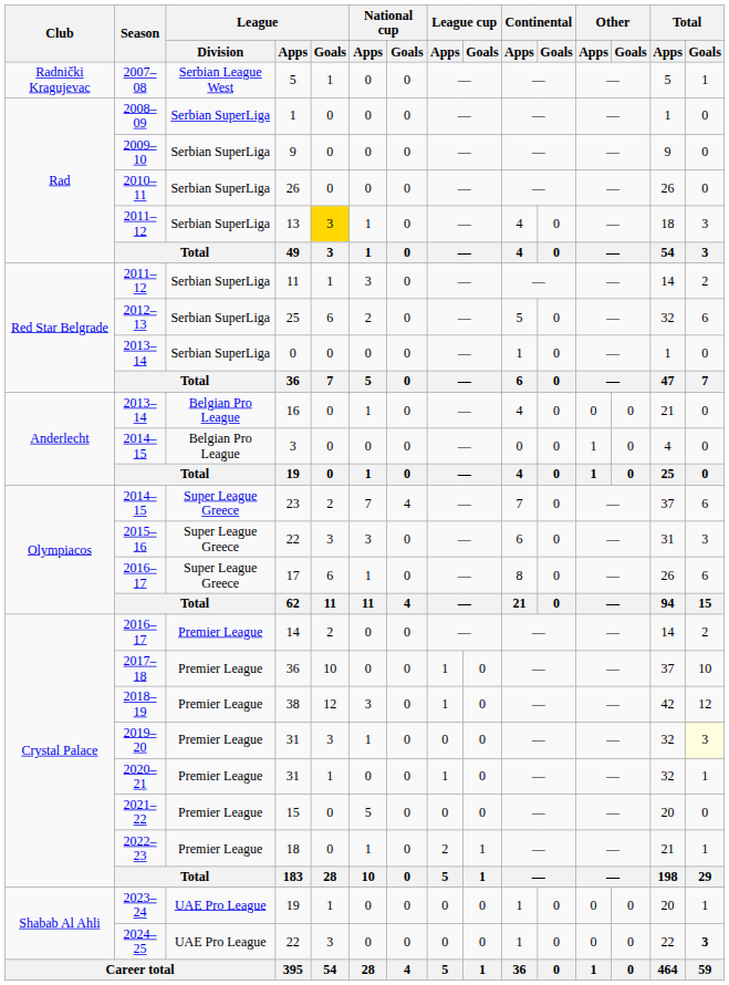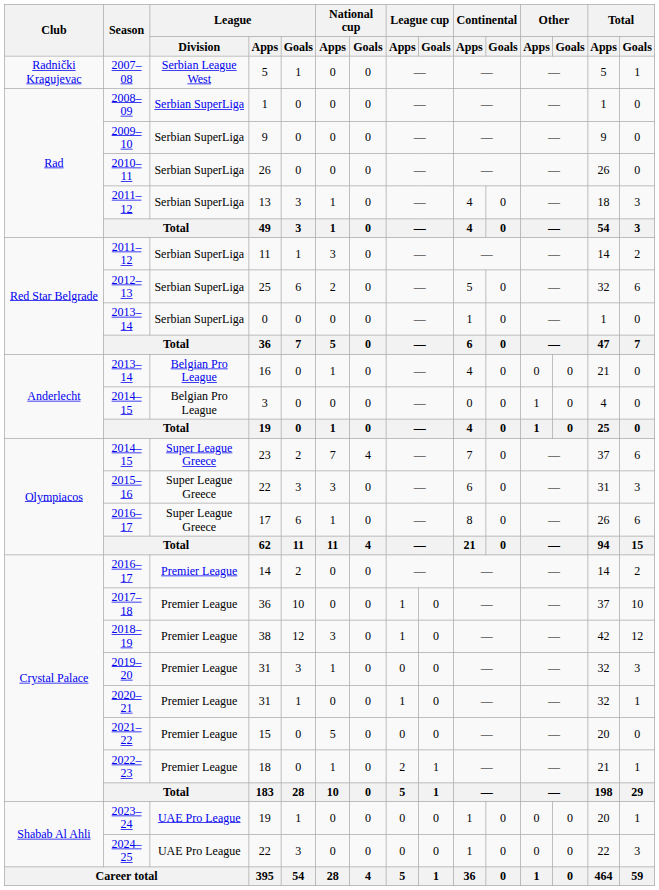 <table class="wikitable" style="text-align:center">
 <tr>
 <th rowspan="2">Club</th>
 <th rowspan="2">Season</th>
 <th colspan="3">League</th>
 <th colspan="2">National cup</th>
 <th colspan="2">League cup</th>
 <th colspan="2">Continental</th>
 <th colspan="2">Other</th>
 <th colspan="2">Total</th>
 </tr>
 <tr>
 <th>Division</th>
 <th>Apps</th>
 <th>Goals</th>
 <th>Apps</th>
 <th>Goals</th>
 <th>Apps</th>
 <th>Goals</th>
 <th>Apps</th>
 <th>Goals</th>
 <th>Apps</th>
 <th>Goals</th>
 <th>Apps</th>
 <th>Goals</th>
 </tr>
 <tr>
 <td><a href='#'>Radnički Kragujevac</a></td>
 <td><a href='#'>2007–08</a></td>
 <td><a href='#'>Serbian League West</a></td>
 <td>5</td>
 <td>1</td>
 <td>0</td>
 <td>0</td>
 <td colspan="2">—</td>
 <td colspan="2">—</td>
 <td colspan="2">—</td>
 <td>5</td>
 <td>1</td>
 </tr>
 <tr>
 <td rowspan="5"><a href='#'>Rad</a></td>
 <td><a href='#'>2008–09</a></td>
 <td><a href='#'>Serbian SuperLiga</a></td>
 <td>1</td>
 <td>0</td>
 <td>0</td>
 <td>0</td>
 <td colspan="2">—</td>
 <td colspan="2">—</td>
 <td colspan="2">—</td>
 <td>1</td>
 <td>0</td>
 </tr>
 <tr>
 <td><a href='#'>2009–10</a></td>
 <td>Serbian SuperLiga</td>
 <td>9</td>
 <td>0</td>
 <td>0</td>
 <td>0</td>
 <td colspan="2">—</td>
 <td colspan="2">—</td>
 <td colspan="2">—</td>
 <td>9</td>
 <td>0</td>
 </tr>
 <tr>
 <td><a href='#'>2010–11</a></td>
 <td>Serbian SuperLiga</td>
 <td>26</td>
 <td>0</td>
 <td>0</td>
 <td>0</td>
 <td colspan="2">—</td>
 <td colspan="2">—</td>
 <td colspan="2">—</td>
 <td>26</td>
 <td>0</td>
 </tr>
 <tr>
 <td><a href='#'>2011–12</a></td>
 <td>Serbian SuperLiga</td>
 <td>13</td>
-<td style="background: gold;">3</td>
+<td>3</td>
 <td>1</td>
 <td>0</td>
 <td colspan="2">—</td>
 <td>4</td>
 <td>0</td>
 <td colspan="2">—</td>
 <td>18</td>
 <td>3</td>
 </tr>
 <tr>
 <th colspan="2">Total</th>
 <th>49</th>
 <th>3</th>
 <th>1</th>
 <th>0</th>
 <th colspan="2">—</th>
 <th>4</th>
 <th>0</th>
 <th colspan="2">—</th>
 <th>54</th>
 <th>3</th>
 </tr>
 <tr>
 <td rowspan="4"><a href='#'>Red Star Belgrade</a></td>
 <td><a href='#'>2011–12</a></td>
 <td>Serbian SuperLiga</td>
 <td>11</td>
 <td>1</td>
 <td>3</td>
 <td>0</td>
 <td colspan="2">—</td>
 <td colspan="2">—</td>
 <td colspan="2">—</td>
 <td>14</td>
 <td>2</td>
 </tr>
 <tr>
 <td><a href='#'>2012–13</a></td>
 <td>Serbian SuperLiga</td>
 <td>25</td>
 <td>6</td>
 <td>2</td>
 <td>0</td>
 <td colspan="2">—</td>
 <td>5</td>
 <td>0</td>
 <td colspan="2">—</td>
 <td>32</td>
 <td>6</td>
 </tr>
 <tr>
 <td><a href='#'>2013–14</a></td>
 <td>Serbian SuperLiga</td>
 <td>0</td>
 <td>0</td>
 <td>0</td>
 <td>0</td>
 <td colspan="2">—</td>
 <td>1</td>
 <td>0</td>
 <td colspan="2">—</td>
 <td>1</td>
 <td>0</td>
 </tr>
 <tr>
 <th colspan="2">Total</th>
 <th>36</th>
 <th>7</th>
 <th>5</th>
 <th>0</th>
 <th colspan="2">—</th>
 <th>6</th>
 <th>0</th>
 <th colspan="2">—</th>
 <th>47</th>
 <th>7</th>
 </tr>
 <tr>
 <td rowspan="3"><a href='#'>Anderlecht</a></td>
 <td><a href='#'>2013–14</a></td>
 <td><a href='#'>Belgian Pro League</a></td>
 <td>16</td>
 <td>0</td>
 <td>1</td>
 <td>0</td>
 <td colspan="2">—</td>
 <td>4</td>
 <td>0</td>
 <td>0</td>
 <td>0</td>
 <td>21</td>
 <td>0</td>
 </tr>
 <tr>
 <td><a href='#'>2014–15</a></td>
 <td>Belgian Pro League</td>
 <td>3</td>
 <td>0</td>
 <td>0</td>
 <td>0</td>
 <td colspan="2">—</td>
 <td>0</td>
 <td>0</td>
 <td>1</td>
 <td>0</td>
 <td>4</td>
 <td>0</td>
 </tr>
 <tr>
 <th colspan="2">Total</th>
 <th>19</th>
 <th>0</th>
 <th>1</th>
 <th>0</th>
 <th colspan="2">—</th>
 <th>4</th>
 <th>0</th>
 <th>1</th>
 <th>0</th>
 <th>25</th>
 <th>0</th>
 </tr>
 <tr>
 <td rowspan="4"><a href='#'>Olympiacos</a></td>
 <td><a href='#'>2014–15</a></td>
 <td><a href='#'>Super League Greece</a></td>
 <td>23</td>
 <td>2</td>
 <td>7</td>
 <td>4</td>
 <td colspan="2">—</td>
 <td>7</td>
 <td>0</td>
 <td colspan="2">—</td>
 <td>37</td>
 <td>6</td>
 </tr>
 <tr>
 <td><a href='#'>2015–16</a></td>
 <td>Super League Greece</td>
 <td>22</td>
 <td>3</td>
 <td>3</td>
 <td>0</td>
 <td colspan="2">—</td>
 <td>6</td>
 <td>0</td>
 <td colspan="2">—</td>
 <td>31</td>
 <td>3</td>
 </tr>
 <tr>
 <td><a href='#'>2016–17</a></td>
 <td>Super League Greece</td>
 <td>17</td>
 <td>6</td>
 <td>1</td>
 <td>0</td>
 <td colspan="2">—</td>
 <td>8</td>
 <td>0</td>
 <td colspan="2">—</td>
 <td>26</td>
 <td>6</td>
 </tr>
 <tr>
 <th colspan="2">Total</th>
 <th>62</th>
 <th>11</th>
 <th>11</th>
 <th>4</th>
 <th colspan="2">—</th>
 <th>21</th>
 <th>0</th>
 <th colspan="2">—</th>
 <th>94</th>
 <th>15</th>
 </tr>
 <tr>
 <td rowspan="8"><a href='#'>Crystal Palace</a></td>
 <td><a href='#'>2016–17</a></td>
 <td><a href='#'>Premier League</a></td>
 <td>14</td>
 <td>2</td>
 <td>0</td>
 <td>0</td>
 <td colspan="2">—</td>
 <td colspan="2">—</td>
 <td colspan="2">—</td>
 <td>14</td>
 <td>2</td>
 </tr>
 <tr>
 <td><a href='#'>2017–18</a></td>
 <td>Premier League</td>
 <td>36</td>
 <td>10</td>
 <td>0</td>
 <td>0</td>
 <td>1</td>
 <td>0</td>
 <td colspan="2">—</td>
 <td colspan="2">—</td>
 <td>37</td>
 <td>10</td>
 </tr>
 <tr>
 <td><a href='#'>2018–19</a></td>
 <td>Premier League</td>
 <td>38</td>
 <td>12</td>
 <td>3</td>
 <td>0</td>
 <td>1</td>
 <td>0</td>
 <td colspan="2">—</td>
 <td colspan="2">—</td>
 <td>42</td>
 <td>12</td>
 </tr>
 <tr>
 <td><a href='#'>2019–20</a></td>
 <td>Premier League</td>
 <td>31</td>
 <td>3</td>
 <td>1</td>
 <td>0</td>
 <td>0</td>
 <td>0</td>
 <td colspan="2">—</td>
 <td colspan="2">—</td>
 <td>32</td>
-<td style="background: lightyellow;">3</td>
+<td>3</td>
 </tr>
 <tr>
 <td><a href='#'>2020–21</a></td>
 <td>Premier League</td>
 <td>31</td>
 <td>1</td>
 <td>0</td>
 <td>0</td>
 <td>1</td>
 <td>0</td>
 <td colspan="2">—</td>
 <td colspan="2">—</td>
 <td>32</td>
 <td>1</td>
 </tr>
 <tr>
 <td><a href='#'>2021–22</a></td>
 <td>Premier League</td>
 <td>15</td>
 <td>0</td>
 <td>5</td>
 <td>0</td>
 <td>0</td>
 <td>0</td>
 <td colspan="2">—</td>
 <td colspan="2">—</td>
 <td>20</td>
 <td>0</td>
 </tr>
 <tr>
 <td><a href='#'>2022–23</a></td>
 <td>Premier League</td>
 <td>18</td>
 <td>0</td>
 <td>1</td>
 <td>0</td>
 <td>2</td>
 <td>1</td>
 <td colspan="2">—</td>
 <td colspan="2">—</td>
 <td>21</td>
 <td>1</td>
 </tr>
 <tr>
 <th colspan="2">Total</th>
 <th>183</th>
 <th>28</th>
 <th>10</th>
 <th>0</th>
 <th>5</th>
 <th>1</th>
 <th colspan="2">—</th>
 <th colspan="2">—</th>
 <th>198</th>
 <th>29</th>
 </tr>
 <tr>
 <td rowspan="2"><a href='#'>Shabab Al Ahli</a></td>
 <td><a href='#'>2023–24</a></td>
 <td><a href='#'>UAE Pro League</a></td>
 <td>19</td>
 <td>1</td>
 <td>0</td>
 <td>0</td>
 <td>0</td>
 <td>0</td>
 <td>1</td>
 <td>0</td>
 <td>0</td>
 <td>0</td>
 <td>20</td>
 <td>1</td>
 </tr>
 <tr>
 <td><a href='#'>2024–25</a></td>
 <td>UAE Pro League</td>
 <td>22</td>
 <td>3</td>
 <td>0</td>
 <td>0</td>
 <td>0</td>
 <td>0</td>
 <td>1</td>
 <td>0</td>
 <td>0</td>
 <td>0</td>
 <td>22</td>
-<td><strong>3</strong></td>
+<td>3</td>
 </tr>
 <tr>
 <th colspan="3">Career total</th>
 <th>395</th>
 <th>54</th>
 <th>28</th>
 <th>4</th>
 <th>5</th>
 <th>1</th>
 <th>36</th>
 <th>0</th>
 <th>1</th>
 <th>0</th>
 <th>464</th>
 <th>59</th>
 </tr>
 </table>
